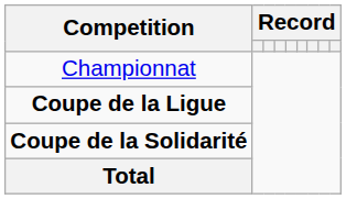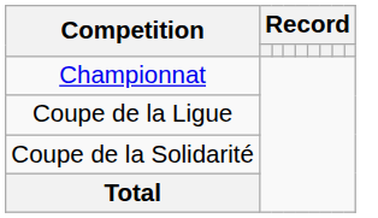 <table class="wikitable" style="text-align: center">
 <tr>
 <th rowspan=2>Competition</th>
 <th colspan=8>Record</th>
 </tr>
 <tr>
 <th></th>
 <th></th>
 <th></th>
 <th></th>
 <th></th>
 <th></th>
 <th></th>
 <th></th>
 </tr>
 <tr>
 <td><a href='#'>Championnat</a><br></td>
 </tr>
 <tr>
-<td><strong>Coupe de la Ligue<br></strong></td>
+<td>Coupe de la Ligue<br></td>
 </tr>
 <tr>
-<td><strong>Coupe de la Solidarité<br></strong></td>
+<td>Coupe de la Solidarité<br></td>
 </tr>
 <tr>
 <th>Total<br></th>
 </tr>
 </table>
